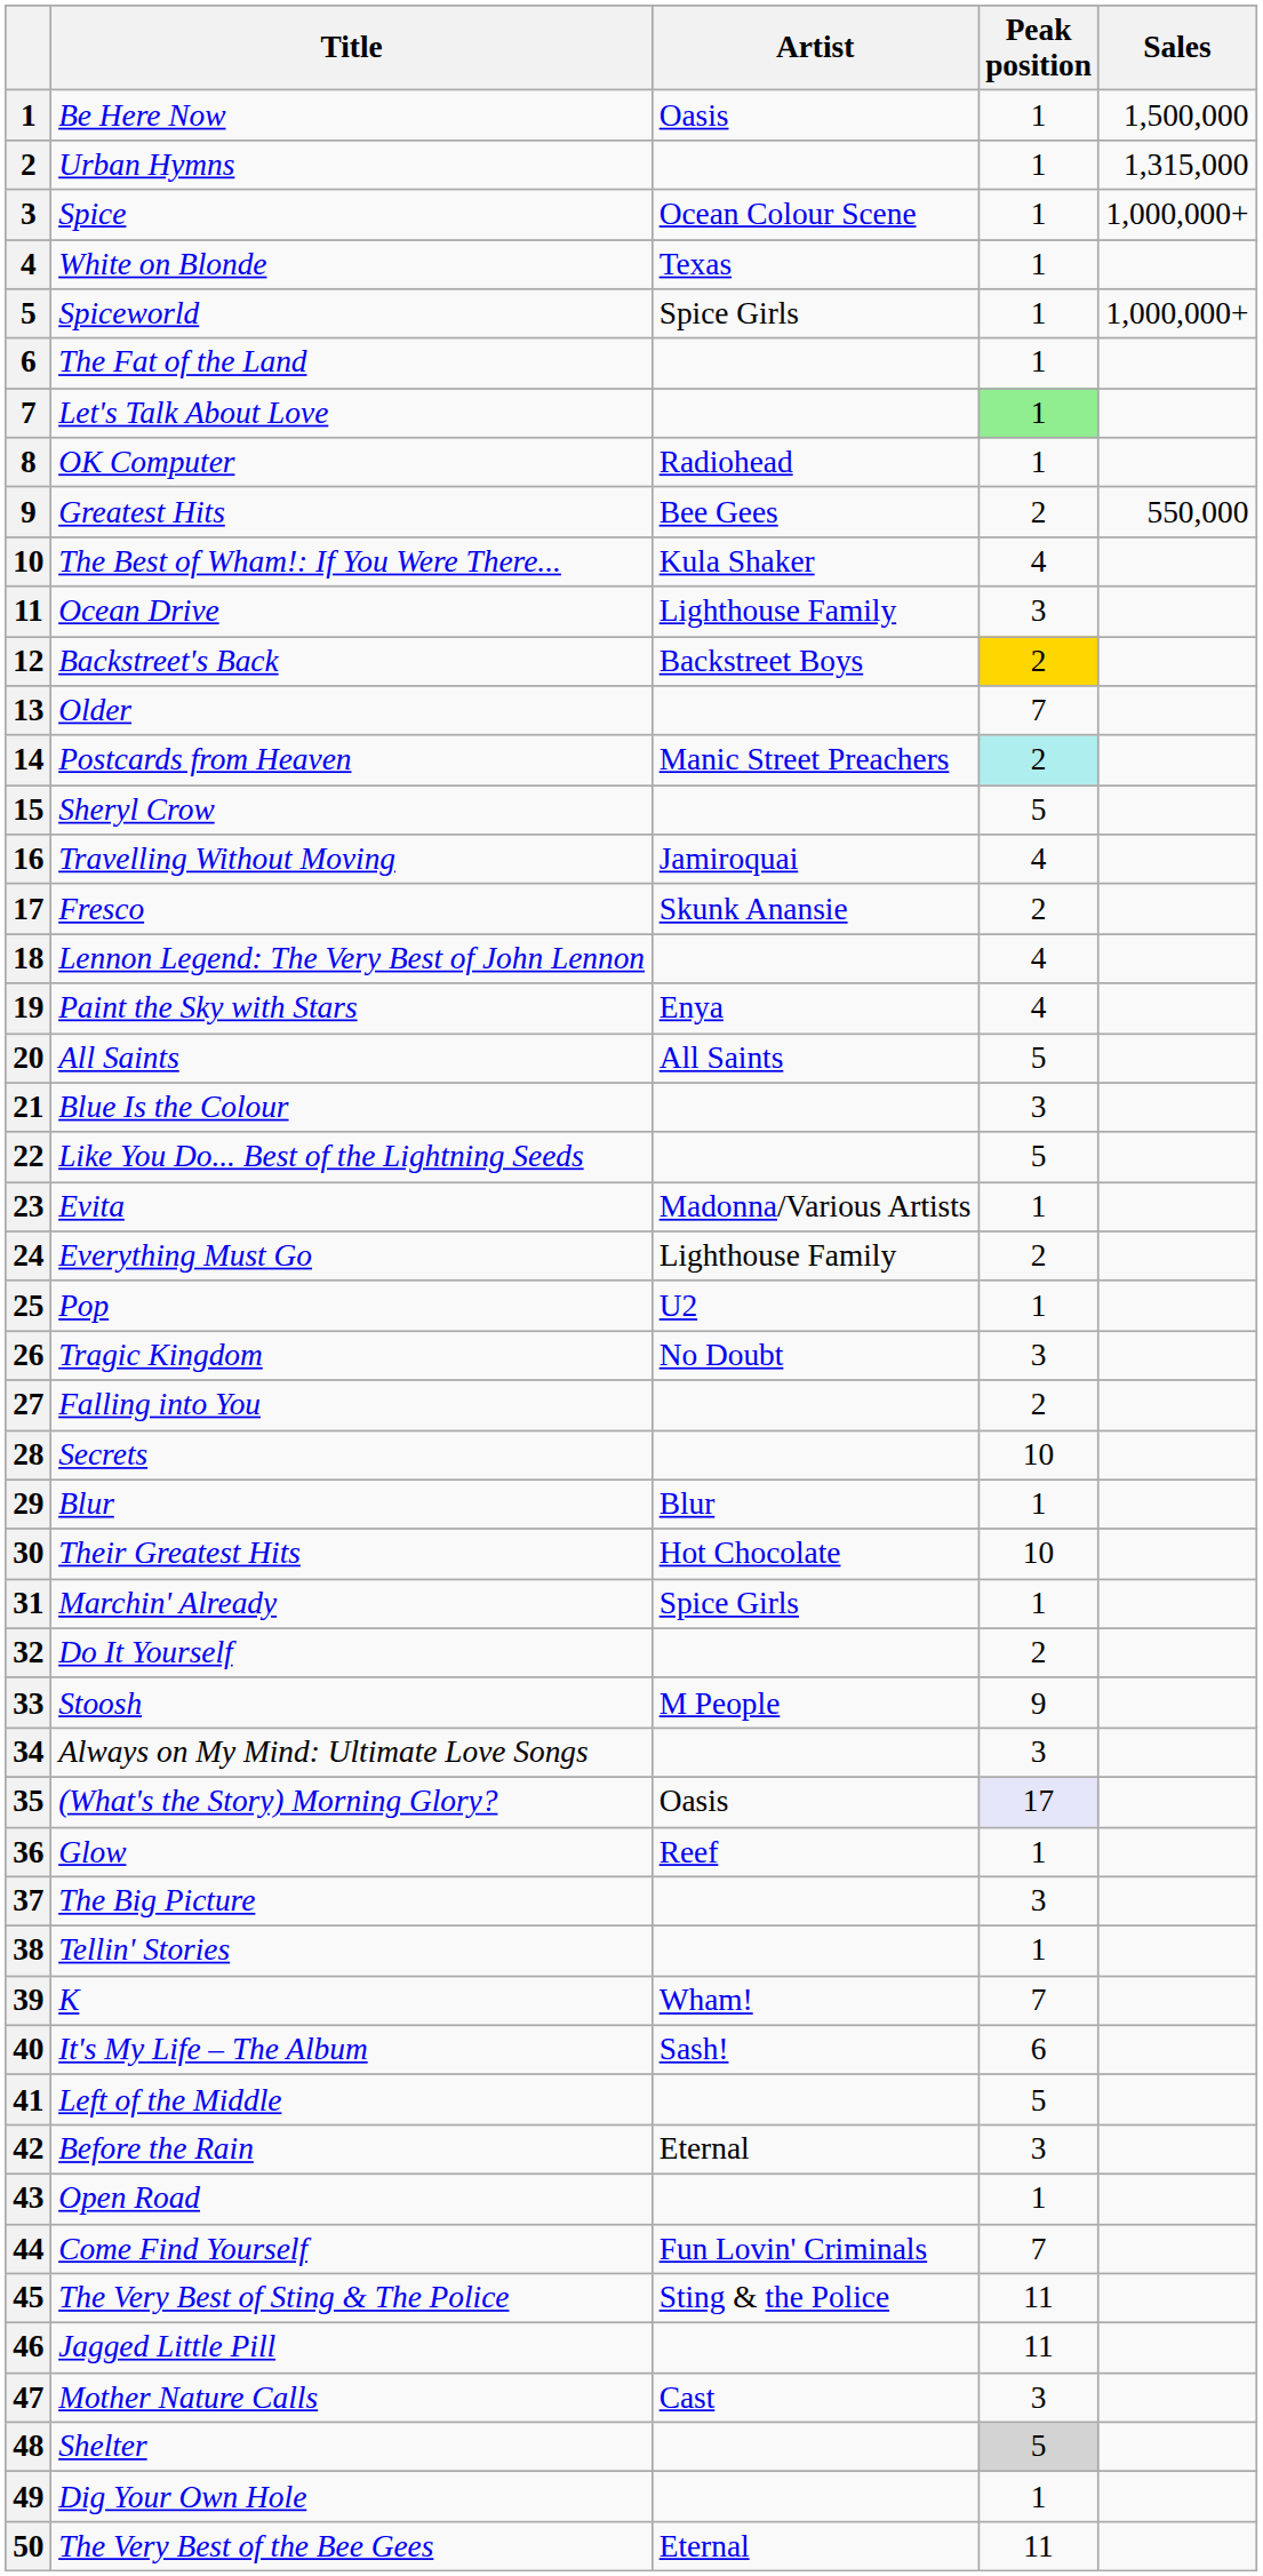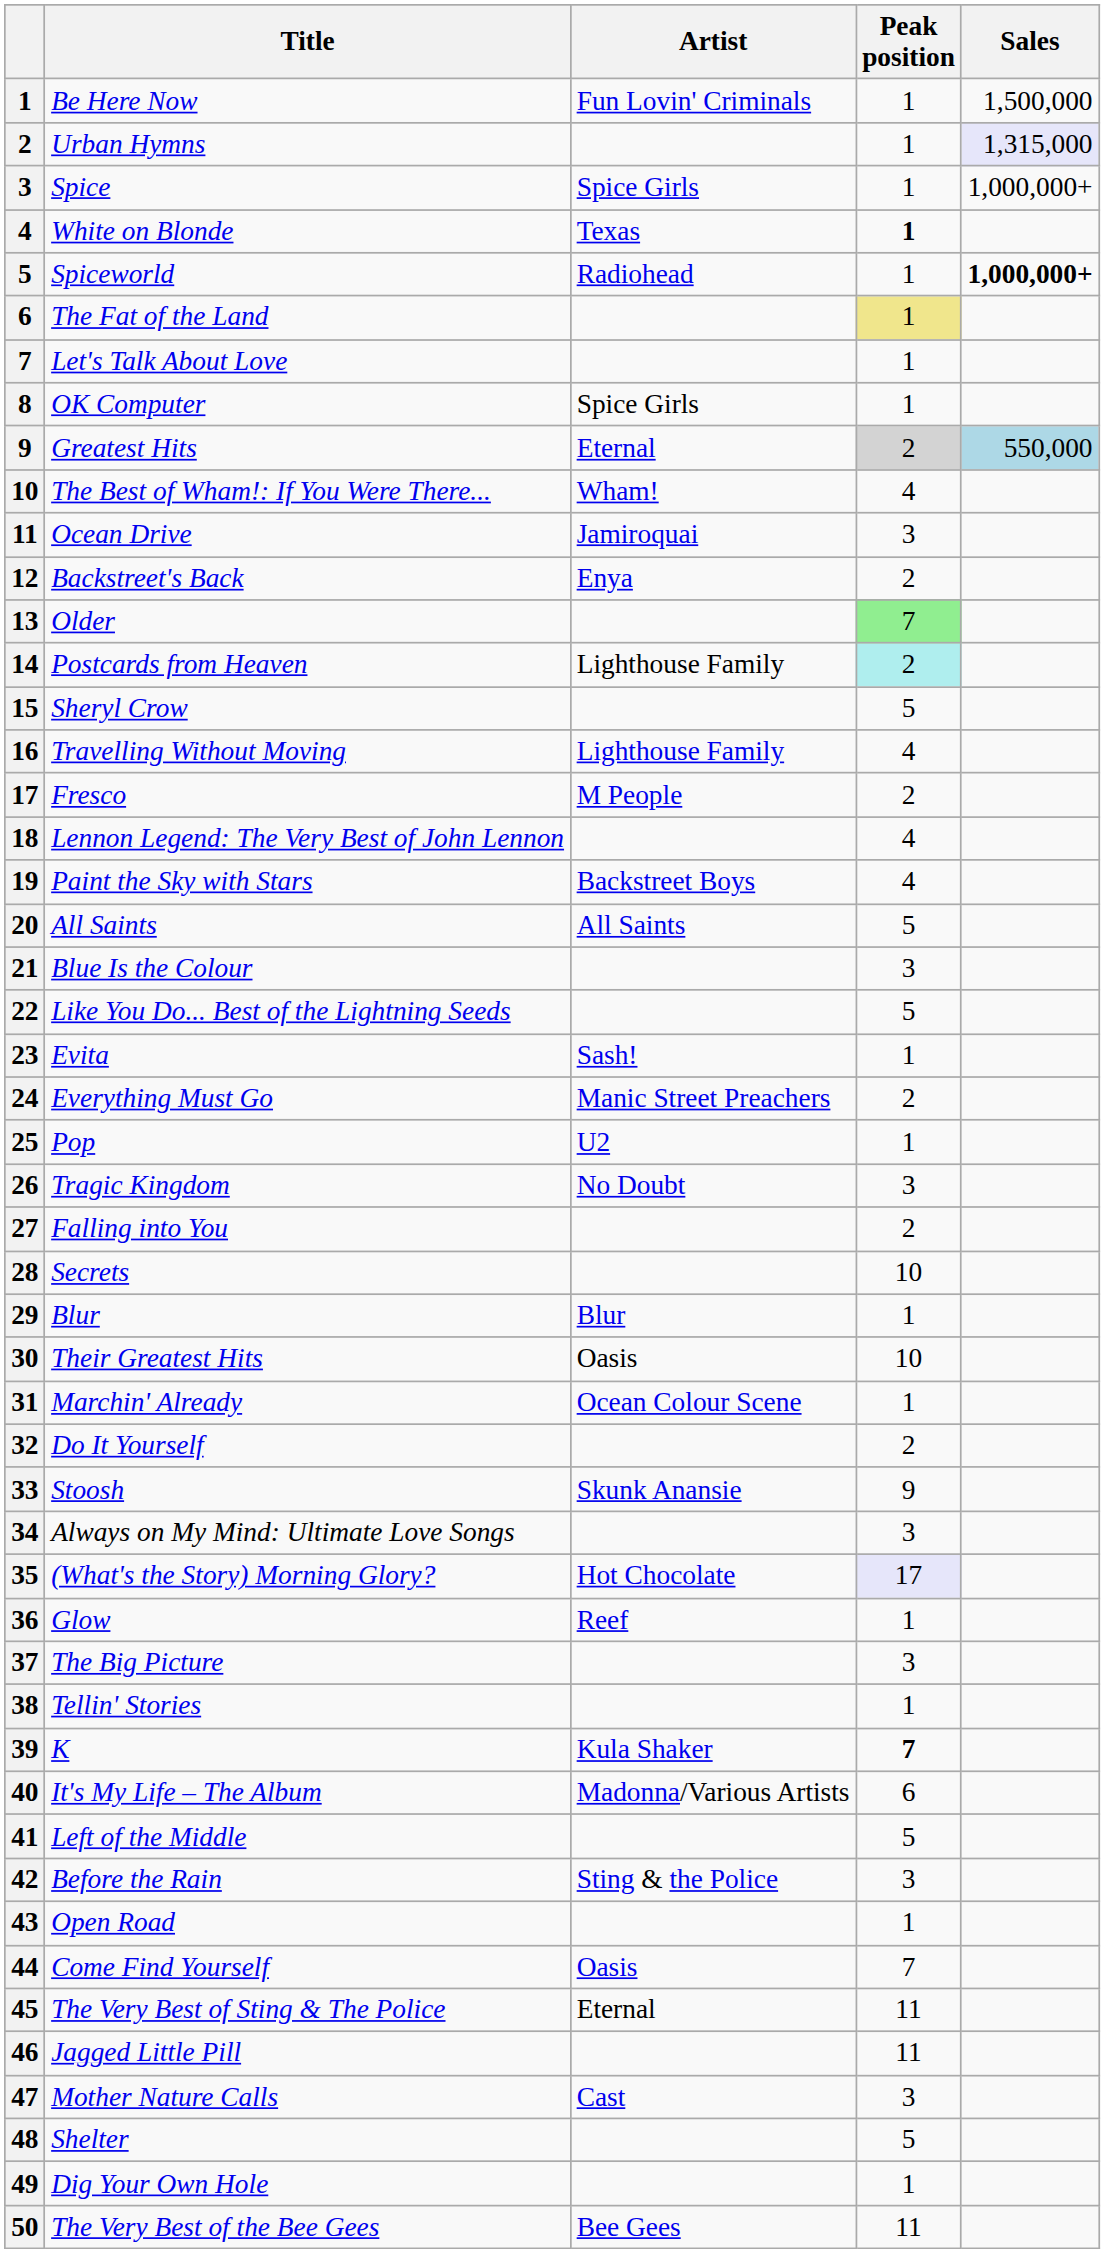 <table class="wikitable sortable plainrowheaders">
 <tr>
 <th scope=col></th>
 <th scope=col>Title</th>
 <th scope=col>Artist</th>
 <th scope=col>Peak<br>position</th>
 <th scope=col>Sales</th>
 </tr>
 <tr>
 <th scope=row style="text-align:center;">1</th>
 <td><em><a href='#'>Be Here Now</a></em></td>
-<td><a href='#'>Oasis</a></td>
+<td><a href='#'>Fun Lovin' Criminals</a></td>
 <td style="text-align:center;">1</td>
 <td style="text-align:right;">1,500,000</td>
 </tr>
 <tr>
 <th scope=row style="text-align:center;">2</th>
 <td><em><a href='#'>Urban Hymns</a></em></td>
 <td></td>
 <td style="text-align:center;">1</td>
-<td style="text-align:right;">1,315,000</td>
+<td style="background: lavender; text-align:right;">1,315,000</td>
 </tr>
 <tr>
 <th scope=row style="text-align:center;">3</th>
 <td><em><a href='#'>Spice</a></em></td>
-<td><a href='#'>Ocean Colour Scene</a></td>
+<td><a href='#'>Spice Girls</a></td>
 <td style="text-align:center;">1</td>
 <td style="text-align:right;">1,000,000+</td>
 </tr>
 <tr>
 <th scope=row style="text-align:center;">4</th>
 <td><em><a href='#'>White on Blonde</a></em></td>
 <td><a href='#'>Texas</a></td>
-<td style="text-align:center;">1</td>
+<td style="text-align:center;"><strong>1</strong></td>
 <td></td>
 </tr>
 <tr>
 <th scope=row style="text-align:center;">5</th>
 <td><em><a href='#'>Spiceworld</a></em></td>
-<td>Spice Girls</td>
+<td><a href='#'>Radiohead</a></td>
 <td style="text-align:center;">1</td>
-<td style="text-align:right;">1,000,000+</td>
+<td style="text-align:right;"><strong>1,000,000+</strong></td>
 </tr>
 <tr>
 <th scope=row style="text-align:center;">6</th>
 <td><em><a href='#'>The Fat of the Land</a></em></td>
 <td></td>
-<td style="text-align:center;">1</td>
+<td style="background: khaki; text-align:center;">1</td>
 <td></td>
 </tr>
 <tr>
 <th scope=row style="text-align:center;">7</th>
 <td><em><a href='#'>Let's Talk About Love</a></em></td>
 <td></td>
-<td style="background: lightgreen; text-align:center;">1</td>
+<td style="text-align:center;">1</td>
 <td></td>
 </tr>
 <tr>
 <th scope=row style="text-align:center;">8</th>
 <td><em><a href='#'>OK Computer</a></em></td>
-<td><a href='#'>Radiohead</a></td>
+<td>Spice Girls</td>
 <td style="text-align:center;">1</td>
 <td></td>
 </tr>
 <tr>
 <th scope=row style="text-align:center;">9</th>
 <td><em><a href='#'>Greatest Hits</a></em></td>
-<td><a href='#'>Bee Gees</a></td>
-<td style="text-align:center;">2</td>
-<td style="text-align:right;">550,000</td>
+<td><a href='#'>Eternal</a></td>
+<td style="background: lightgrey; text-align:center;">2</td>
+<td style="background: lightblue; text-align:right;">550,000</td>
 </tr>
 <tr>
 <th scope=row style="text-align:center;">10</th>
 <td><em><a href='#'>The Best of Wham!: If You Were There...</a></em></td>
-<td><a href='#'>Kula Shaker</a></td>
+<td><a href='#'>Wham!</a></td>
 <td style="text-align:center;">4</td>
 <td></td>
 </tr>
 <tr>
 <th scope=row style="text-align:center;">11</th>
 <td><em><a href='#'>Ocean Drive</a></em></td>
-<td><a href='#'>Lighthouse Family</a></td>
+<td><a href='#'>Jamiroquai</a></td>
 <td style="text-align:center;">3</td>
 <td></td>
 </tr>
 <tr>
 <th scope=row style="text-align:center;">12</th>
 <td><em><a href='#'>Backstreet's Back</a></em></td>
-<td><a href='#'>Backstreet Boys</a></td>
-<td style="background: gold; text-align:center;">2</td>
+<td><a href='#'>Enya</a></td>
+<td style="text-align:center;">2</td>
 <td></td>
 </tr>
 <tr>
 <th scope=row style="text-align:center;">13</th>
 <td><em><a href='#'>Older</a></em></td>
 <td></td>
-<td style="text-align:center;">7</td>
+<td style="background: lightgreen; text-align:center;">7</td>
 <td></td>
 </tr>
 <tr>
 <th scope=row style="text-align:center;">14</th>
 <td><em><a href='#'>Postcards from Heaven</a></em></td>
-<td><a href='#'>Manic Street Preachers</a></td>
+<td>Lighthouse Family</td>
 <td style="background: paleturquoise; text-align:center;">2</td>
 <td></td>
 </tr>
 <tr>
 <th scope=row style="text-align:center;">15</th>
 <td><em><a href='#'>Sheryl Crow</a></em></td>
 <td></td>
 <td style="text-align:center;">5</td>
 <td></td>
 </tr>
 <tr>
 <th scope=row style="text-align:center;">16</th>
 <td><em><a href='#'>Travelling Without Moving</a></em></td>
-<td><a href='#'>Jamiroquai</a></td>
+<td><a href='#'>Lighthouse Family</a></td>
 <td style="text-align:center;">4</td>
 <td></td>
 </tr>
 <tr>
 <th scope=row style="text-align:center;">17</th>
 <td><em><a href='#'>Fresco</a></em></td>
-<td><a href='#'>Skunk Anansie</a></td>
+<td><a href='#'>M People</a></td>
 <td style="text-align:center;">2</td>
 <td></td>
 </tr>
 <tr>
 <th scope=row style="text-align:center;">18</th>
 <td><em><a href='#'>Lennon Legend: The Very Best of John Lennon</a></em></td>
 <td></td>
 <td style="text-align:center;">4</td>
 <td></td>
 </tr>
 <tr>
 <th scope=row style="text-align:center;">19</th>
 <td><em><a href='#'>Paint the Sky with Stars</a></em></td>
-<td><a href='#'>Enya</a></td>
+<td><a href='#'>Backstreet Boys</a></td>
 <td style="text-align:center;">4</td>
 <td></td>
 </tr>
 <tr>
 <th scope=row style="text-align:center;">20</th>
 <td><em><a href='#'>All Saints</a></em></td>
 <td><a href='#'>All Saints</a></td>
 <td style="text-align:center;">5</td>
 <td></td>
 </tr>
 <tr>
 <th scope=row style="text-align:center;">21</th>
 <td><em><a href='#'>Blue Is the Colour</a></em></td>
 <td></td>
 <td style="text-align:center;">3</td>
 <td></td>
 </tr>
 <tr>
 <th scope=row style="text-align:center;">22</th>
 <td><em><a href='#'>Like You Do... Best of the Lightning Seeds</a></em></td>
 <td></td>
 <td style="text-align:center;">5</td>
 <td></td>
 </tr>
 <tr>
 <th scope=row style="text-align:center;">23</th>
 <td><em><a href='#'>Evita</a></em></td>
-<td><a href='#'>Madonna</a>/Various Artists</td>
+<td><a href='#'>Sash!</a></td>
 <td style="text-align:center;">1</td>
 <td></td>
 </tr>
 <tr>
 <th scope=row style="text-align:center;">24</th>
 <td><em><a href='#'>Everything Must Go</a></em></td>
-<td>Lighthouse Family</td>
+<td><a href='#'>Manic Street Preachers</a></td>
 <td style="text-align:center;">2</td>
 <td></td>
 </tr>
 <tr>
 <th scope=row style="text-align:center;">25</th>
 <td><em><a href='#'>Pop</a></em></td>
 <td><a href='#'>U2</a></td>
 <td style="text-align:center;">1</td>
 <td></td>
 </tr>
 <tr>
 <th scope=row style="text-align:center;">26</th>
 <td><em><a href='#'>Tragic Kingdom</a></em></td>
 <td><a href='#'>No Doubt</a></td>
 <td style="text-align:center;">3</td>
 <td></td>
 </tr>
 <tr>
 <th scope=row style="text-align:center;">27</th>
 <td><em><a href='#'>Falling into You</a></em></td>
 <td></td>
 <td style="text-align:center;">2</td>
 <td></td>
 </tr>
 <tr>
 <th scope=row style="text-align:center;">28</th>
 <td><em><a href='#'>Secrets</a></em></td>
 <td></td>
 <td style="text-align:center;">10</td>
 <td></td>
 </tr>
 <tr>
 <th scope=row style="text-align:center;">29</th>
 <td><em><a href='#'>Blur</a></em></td>
 <td><a href='#'>Blur</a></td>
 <td style="text-align:center;">1</td>
 <td></td>
 </tr>
 <tr>
 <th scope=row style="text-align:center;">30</th>
 <td><em><a href='#'>Their Greatest Hits</a></em></td>
-<td><a href='#'>Hot Chocolate</a></td>
+<td>Oasis</td>
 <td style="text-align:center;">10</td>
 <td></td>
 </tr>
 <tr>
 <th scope=row style="text-align:center;">31</th>
 <td><em><a href='#'>Marchin' Already</a></em></td>
-<td><a href='#'>Spice Girls</a></td>
+<td><a href='#'>Ocean Colour Scene</a></td>
 <td style="text-align:center;">1</td>
 <td></td>
 </tr>
 <tr>
 <th scope=row style="text-align:center;">32</th>
 <td><em><a href='#'>Do It Yourself</a></em></td>
 <td></td>
 <td style="text-align:center;">2</td>
 <td></td>
 </tr>
 <tr>
 <th scope=row style="text-align:center;">33</th>
 <td><em><a href='#'>Stoosh</a></em></td>
-<td><a href='#'>M People</a></td>
+<td><a href='#'>Skunk Anansie</a></td>
 <td style="text-align:center;">9</td>
 <td></td>
 </tr>
 <tr>
 <th scope=row style="text-align:center;">34</th>
 <td><em>Always on My Mind: Ultimate Love Songs</em></td>
 <td></td>
 <td style="text-align:center;">3</td>
 <td></td>
 </tr>
 <tr>
 <th scope=row style="text-align:center;">35</th>
 <td><em><a href='#'>(What's the Story) Morning Glory?</a></em></td>
-<td>Oasis</td>
+<td><a href='#'>Hot Chocolate</a></td>
 <td style="background: lavender; text-align:center;">17</td>
 <td></td>
 </tr>
 <tr>
 <th scope=row style="text-align:center;">36</th>
 <td><em><a href='#'>Glow</a></em></td>
 <td><a href='#'>Reef</a></td>
 <td style="text-align:center;">1</td>
 <td></td>
 </tr>
 <tr>
 <th scope=row style="text-align:center;">37</th>
 <td><em><a href='#'>The Big Picture</a></em></td>
 <td></td>
 <td style="text-align:center;">3</td>
 <td></td>
 </tr>
 <tr>
 <th scope=row style="text-align:center;">38</th>
 <td><em><a href='#'>Tellin' Stories</a></em></td>
 <td></td>
 <td style="text-align:center;">1</td>
 <td></td>
 </tr>
 <tr>
 <th scope=row style="text-align:center;">39</th>
 <td><em><a href='#'>K</a></em></td>
-<td><a href='#'>Wham!</a></td>
-<td style="text-align:center;">7</td>
+<td><a href='#'>Kula Shaker</a></td>
+<td style="text-align:center;"><strong>7</strong></td>
 <td></td>
 </tr>
 <tr>
 <th scope=row style="text-align:center;">40</th>
 <td><em><a href='#'>It's My Life – The Album</a></em></td>
-<td><a href='#'>Sash!</a></td>
+<td><a href='#'>Madonna</a>/Various Artists</td>
 <td style="text-align:center;">6</td>
 <td></td>
 </tr>
 <tr>
 <th scope=row style="text-align:center;">41</th>
 <td><em><a href='#'>Left of the Middle</a></em></td>
 <td></td>
 <td style="text-align:center;">5</td>
 <td></td>
 </tr>
 <tr>
 <th scope=row style="text-align:center;">42</th>
 <td><em><a href='#'>Before the Rain</a></em></td>
-<td>Eternal</td>
+<td><a href='#'>Sting</a> & <a href='#'>the Police</a></td>
 <td style="text-align:center;">3</td>
 <td></td>
 </tr>
 <tr>
 <th scope=row style="text-align:center;">43</th>
 <td><em><a href='#'>Open Road</a></em></td>
 <td></td>
 <td style="text-align:center;">1</td>
 <td></td>
 </tr>
 <tr>
 <th scope=row style="text-align:center;">44</th>
 <td><em><a href='#'>Come Find Yourself</a></em></td>
-<td><a href='#'>Fun Lovin' Criminals</a></td>
+<td><a href='#'>Oasis</a></td>
 <td style="text-align:center;">7</td>
 <td></td>
 </tr>
 <tr>
 <th scope=row style="text-align:center;">45</th>
 <td><em><a href='#'>The Very Best of Sting & The Police</a></em></td>
-<td><a href='#'>Sting</a> & <a href='#'>the Police</a></td>
+<td>Eternal</td>
 <td style="text-align:center;">11</td>
 <td></td>
 </tr>
 <tr>
 <th scope=row style="text-align:center;">46</th>
 <td><em><a href='#'>Jagged Little Pill</a></em></td>
 <td></td>
 <td style="text-align:center;">11</td>
 <td></td>
 </tr>
 <tr>
 <th scope=row style="text-align:center;">47</th>
 <td><em><a href='#'>Mother Nature Calls</a></em></td>
 <td><a href='#'>Cast</a></td>
 <td style="text-align:center;">3</td>
 <td></td>
 </tr>
 <tr>
 <th scope=row style="text-align:center;">48</th>
 <td><em><a href='#'>Shelter</a></em></td>
 <td></td>
-<td style="background: lightgrey; text-align:center;">5</td>
+<td style="text-align:center;">5</td>
 <td></td>
 </tr>
 <tr>
 <th scope=row style="text-align:center;">49</th>
 <td><em><a href='#'>Dig Your Own Hole</a></em></td>
 <td></td>
 <td style="text-align:center;">1</td>
 <td></td>
 </tr>
 <tr>
 <th scope=row style="text-align:center;">50</th>
 <td><em><a href='#'>The Very Best of the Bee Gees</a></em></td>
-<td><a href='#'>Eternal</a></td>
+<td><a href='#'>Bee Gees</a></td>
 <td style="text-align:center;">11</td>
 <td></td>
 </tr>
 </table>
